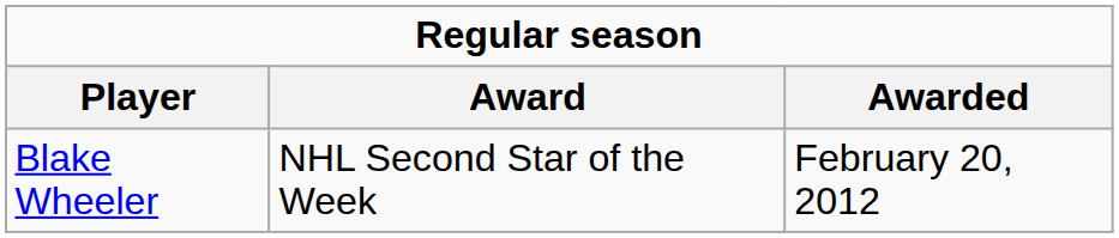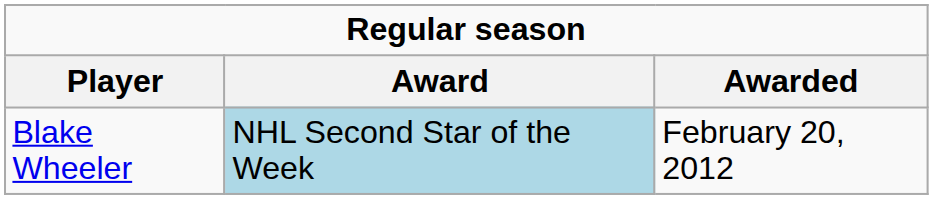 <table class="wikitable" width="52%">
 <tr>
 <td colspan="10" align="center"><strong>Regular season</strong></td>
 </tr>
 <tr>
 <th>Player</th>
 <th>Award</th>
 <th>Awarded</th>
 </tr>
 <tr>
 <td><a href='#'>Blake Wheeler</a></td>
-<td>NHL Second Star of the Week</td>
+<td style="background: lightblue;">NHL Second Star of the Week</td>
 <td>February 20, 2012</td>
 </tr>
 </table>
